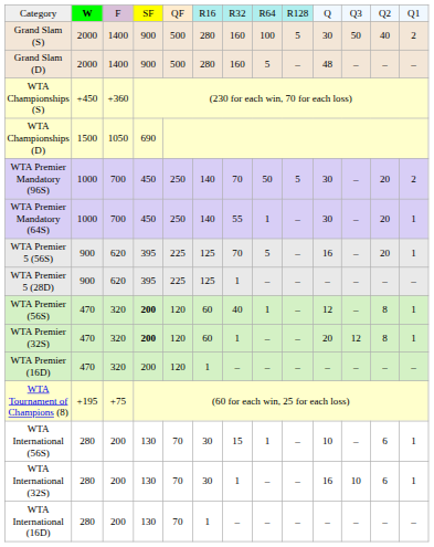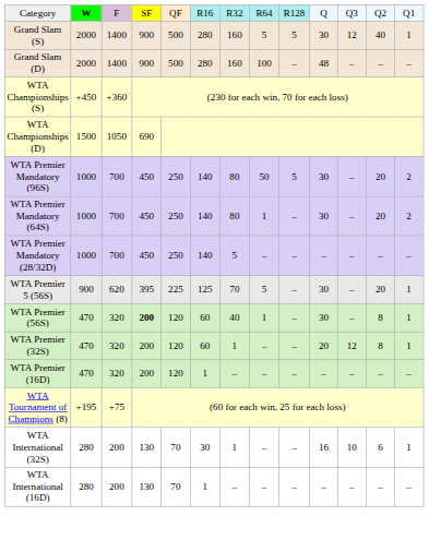 <table class="wikitable" style="font-size:90%">
 <tr align=center>
 <td style="background:#efefef;">Category</td>
 <td style="width:40px; background:lime;"><strong>W</strong></td>
 <td style="width:40px; background:thistle;">F</td>
 <td style="width:40px; background:#ff0;">SF</td>
 <td style="width:40px; background:#ffebcd;">QF</td>
 <td style="width:40px; background:#afeeee;">R16</td>
 <td style="width:40px; background:#afeeee;">R32</td>
 <td style="width:40px; background:#afeeee;">R64</td>
 <td style="width:40px; background:#afeeee;">R128</td>
 <td style="width:40px; background:#f0f8ff;">Q</td>
 <td style="width:40px; background:#f0f8ff;">Q3</td>
 <td style="width:40px; background:#f0f8ff;">Q2</td>
 <td style="width:40px; background:#f0f8ff;">Q1</td>
 </tr>
 <tr style="text-align:center; background:#F3E6D7;">
 <td>Grand Slam (S)</td>
 <td>2000</td>
 <td>1400</td>
 <td>900</td>
 <td>500</td>
 <td>280</td>
 <td>160</td>
-<td>100</td>
+<td>5</td>
 <td>5</td>
 <td>30</td>
-<td>50</td>
+<td>12</td>
 <td>40</td>
-<td>2</td>
+<td>1</td>
 </tr>
 <tr style="text-align:center; background:#F3E6D7;">
 <td>Grand Slam (D)</td>
 <td>2000</td>
 <td>1400</td>
 <td>900</td>
 <td>500</td>
 <td>280</td>
 <td>160</td>
-<td>5</td>
+<td>100</td>
 <td>–</td>
 <td>48</td>
 <td>–</td>
 <td>–</td>
 <td>–</td>
 </tr>
 <tr style="text-align:center; background:#ffc;">
 <td>WTA Championships (S)</td>
 <td>+450</td>
 <td>+360</td>
 <td colspan="10" style="text-align:center">(230 for each win, 70 for each loss)</td>
 </tr>
 <tr style="text-align:center; background:#ffc;">
 <td>WTA Championships (D)</td>
 <td>1500</td>
 <td>1050</td>
 <td>690</td>
 <td colspan="9" style="text-align:center"></td>
 </tr>
 <tr style="text-align:center; background:#d8cef6;">
 <td>WTA Premier Mandatory (96S)</td>
 <td>1000</td>
 <td>700</td>
 <td>450</td>
 <td>250</td>
 <td>140</td>
-<td>70</td>
+<td>80</td>
 <td>50</td>
 <td>5</td>
 <td>30</td>
 <td>–</td>
 <td>20</td>
 <td>2</td>
 </tr>
 <tr style="text-align:center; background:#d8cef6;">
 <td>WTA Premier Mandatory (64S)</td>
 <td>1000</td>
 <td>700</td>
 <td>450</td>
 <td>250</td>
 <td>140</td>
-<td>55</td>
+<td>80</td>
 <td>1</td>
 <td>–</td>
 <td>30</td>
 <td>–</td>
 <td>20</td>
-<td>1</td>
+<td>2</td>
+</tr>
+<tr style="text-align:center; background:#d8cef6;">
+<td>WTA Premier Mandatory (28/32D)</td>
+<td>1000</td>
+<td>700</td>
+<td>450</td>
+<td>250</td>
+<td>140</td>
+<td>5</td>
+<td>–</td>
+<td>–</td>
+<td>–</td>
+<td>–</td>
+<td>–</td>
+<td>–</td>
 </tr>
 <tr style="text-align:center; background:#E9E9E9;">
 <td>WTA Premier 5 (56S)</td>
 <td>900</td>
 <td>620</td>
 <td>395</td>
 <td>225</td>
 <td>125</td>
 <td>70</td>
 <td>5</td>
 <td>–</td>
-<td>16</td>
+<td>30</td>
 <td>–</td>
 <td>20</td>
 <td>1</td>
-</tr>
-<tr style="text-align:center; background:#E9E9E9;">
-<td>WTA Premier 5 (28D)</td>
-<td>900</td>
-<td>620</td>
-<td>395</td>
-<td>225</td>
-<td>125</td>
-<td>1</td>
-<td>–</td>
-<td>–</td>
-<td>–</td>
-<td>–</td>
-<td>–</td>
-<td>–</td>
 </tr>
 <tr style="text-align:center; background:#D4F1C5;">
 <td>WTA Premier (56S)</td>
 <td>470</td>
 <td>320</td>
 <td><strong>200</strong></td>
 <td>120</td>
 <td>60</td>
 <td>40</td>
 <td>1</td>
 <td>–</td>
-<td>12</td>
+<td>30</td>
 <td>–</td>
 <td>8</td>
 <td>1</td>
 </tr>
 <tr style="text-align:center; background:#D4F1C5;">
 <td>WTA Premier (32S)</td>
 <td>470</td>
 <td>320</td>
-<td><strong>200</strong></td>
+<td>200</td>
 <td>120</td>
 <td>60</td>
 <td>1</td>
 <td>–</td>
 <td>–</td>
 <td>20</td>
 <td>12</td>
 <td>8</td>
 <td>1</td>
 </tr>
 <tr style="text-align:center; background:#D4F1C5;">
 <td>WTA Premier (16D)</td>
 <td>470</td>
 <td>320</td>
 <td>200</td>
 <td>120</td>
 <td>1</td>
 <td>–</td>
 <td>–</td>
 <td>–</td>
 <td>–</td>
 <td>–</td>
 <td>–</td>
 <td>–</td>
 </tr>
 <tr style="text-align:center; background:#ffc;">
 <td><a href='#'>WTA Tournament of Champions</a> (8)</td>
 <td>+195</td>
 <td>+75</td>
 <td colspan="10" style="text-align:center">(60 for each win, 25 for each loss)</td>
 </tr>
 <tr style="text-align:center; background:#fff;">
-<td>WTA International (56S)</td>
-<td>280</td>
-<td>200</td>
-<td>130</td>
-<td>70</td>
-<td>30</td>
-<td>15</td>
-<td>1</td>
-<td>–</td>
-<td>10</td>
-<td>–</td>
-<td>6</td>
-<td>1</td>
-</tr>
-<tr style="text-align:center; background:#fff;">
 <td>WTA International (32S)</td>
 <td>280</td>
 <td>200</td>
 <td>130</td>
 <td>70</td>
 <td>30</td>
 <td>1</td>
 <td>–</td>
 <td>–</td>
 <td>16</td>
 <td>10</td>
 <td>6</td>
 <td>1</td>
 </tr>
 <tr style="text-align:center; background:#fff;">
 <td>WTA International (16D)</td>
 <td>280</td>
 <td>200</td>
 <td>130</td>
 <td>70</td>
 <td>1</td>
 <td>–</td>
 <td>–</td>
 <td>–</td>
 <td>–</td>
 <td>–</td>
 <td>–</td>
 <td>–</td>
 </tr>
 </table>
